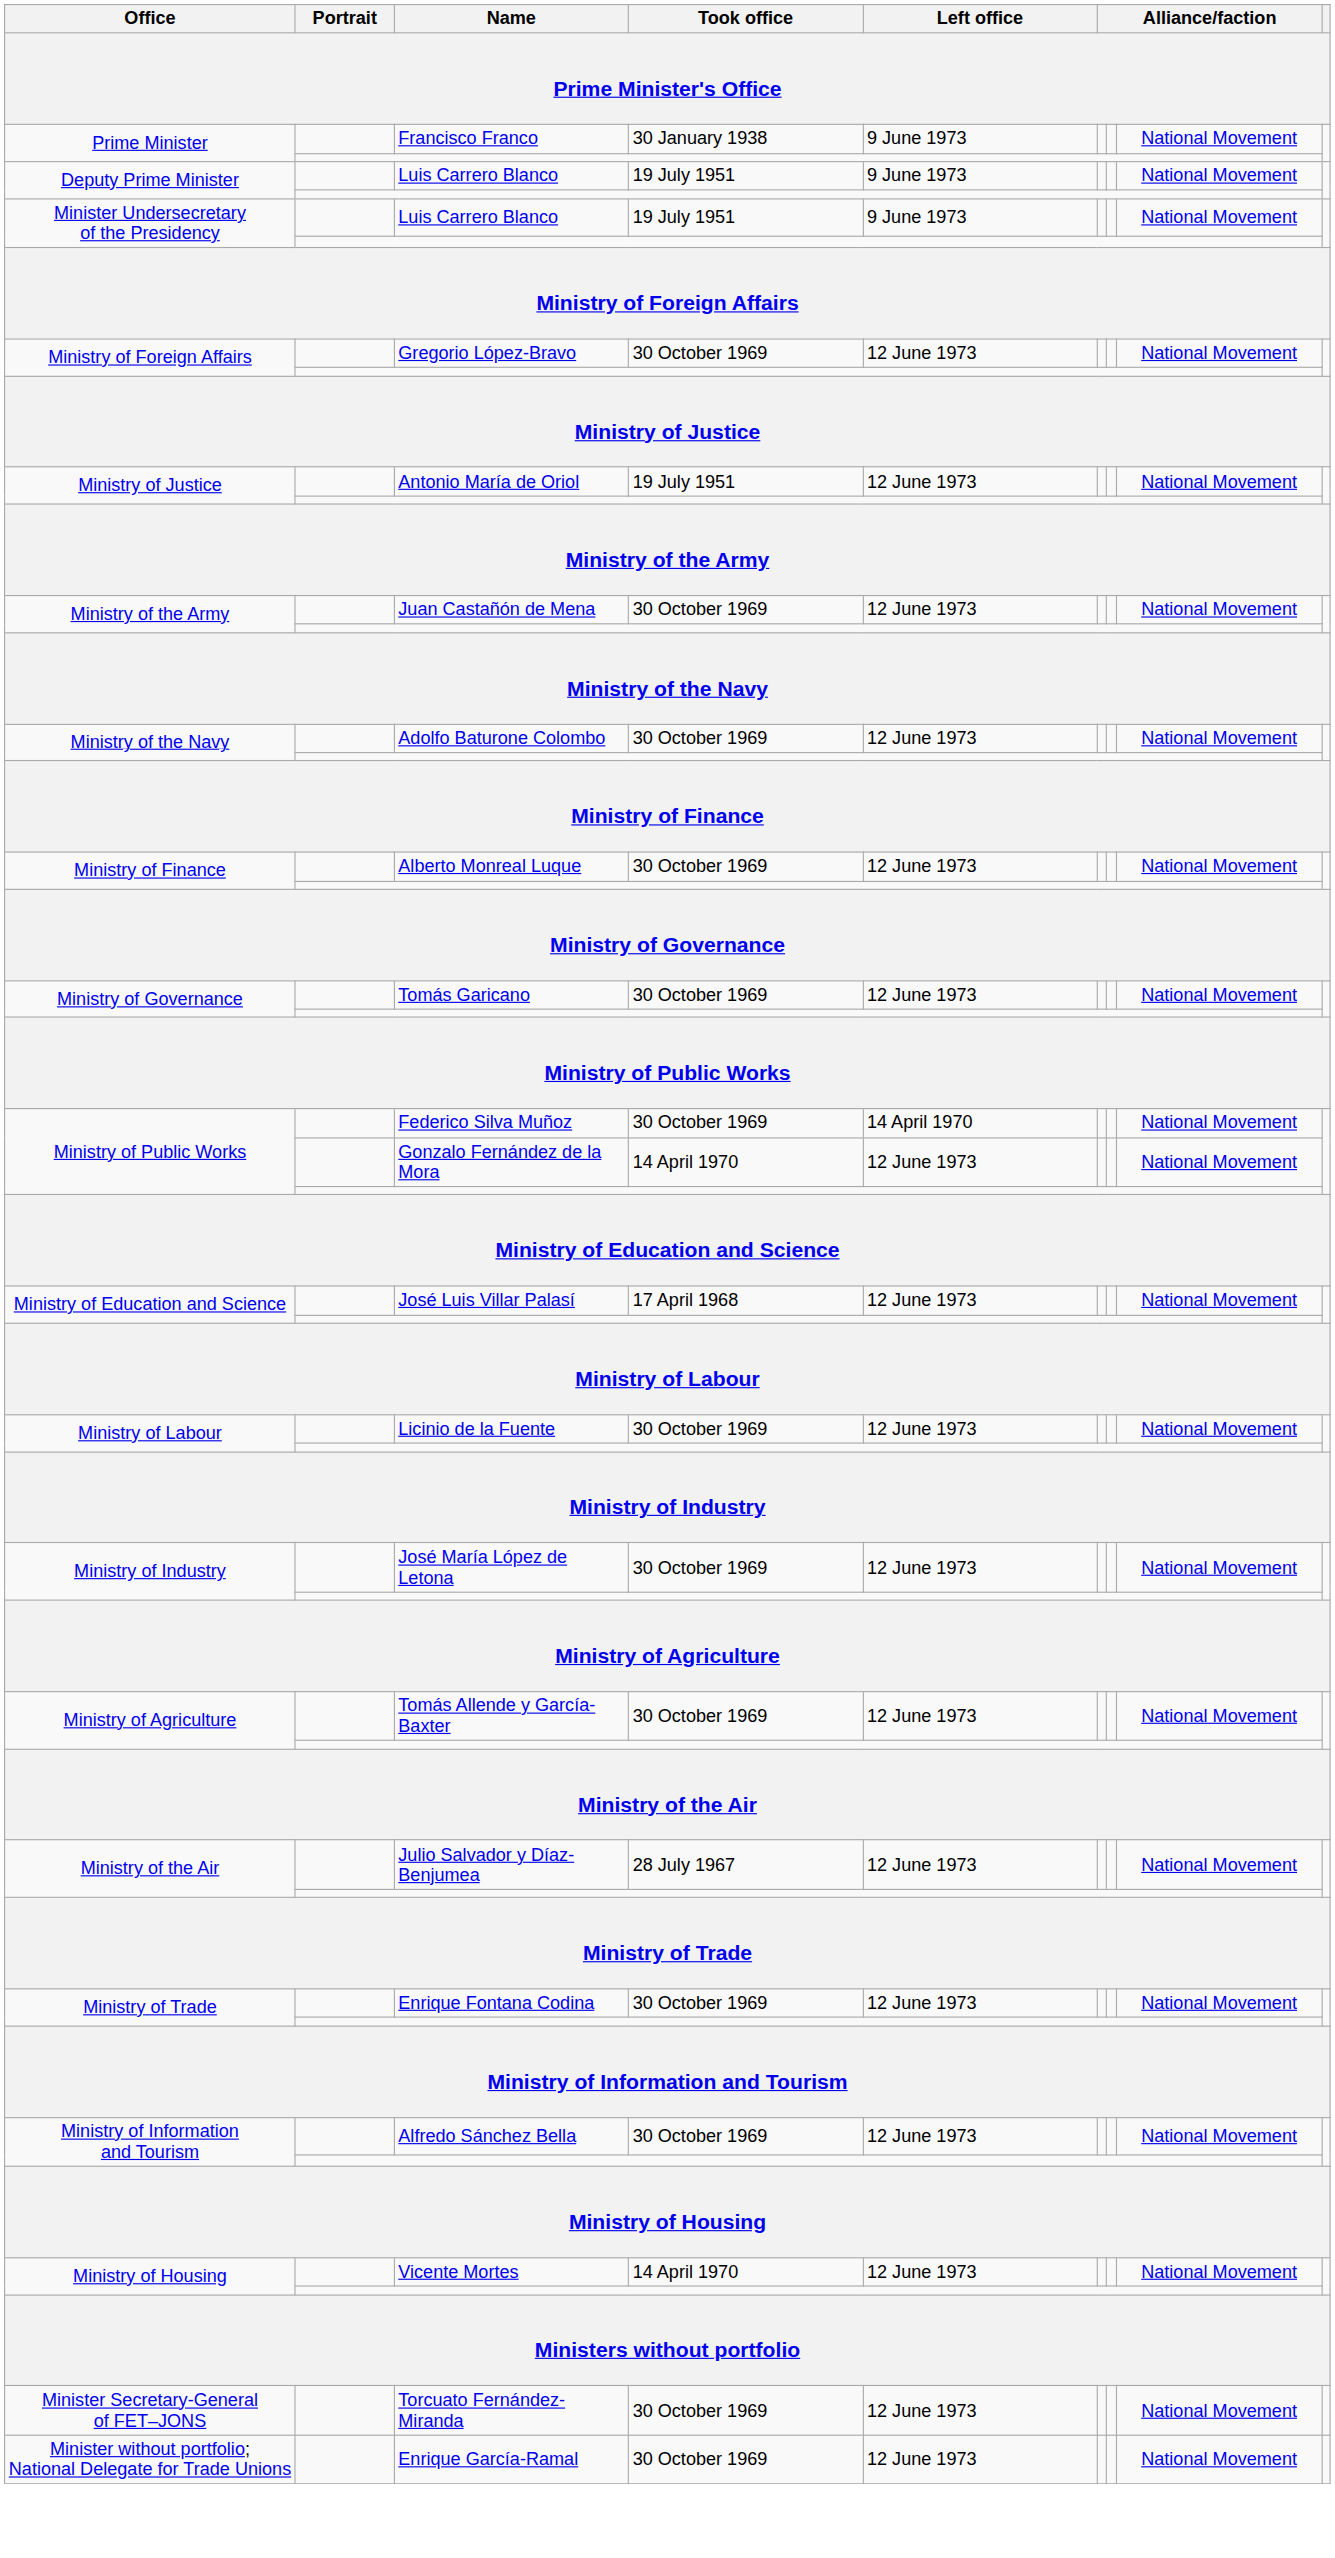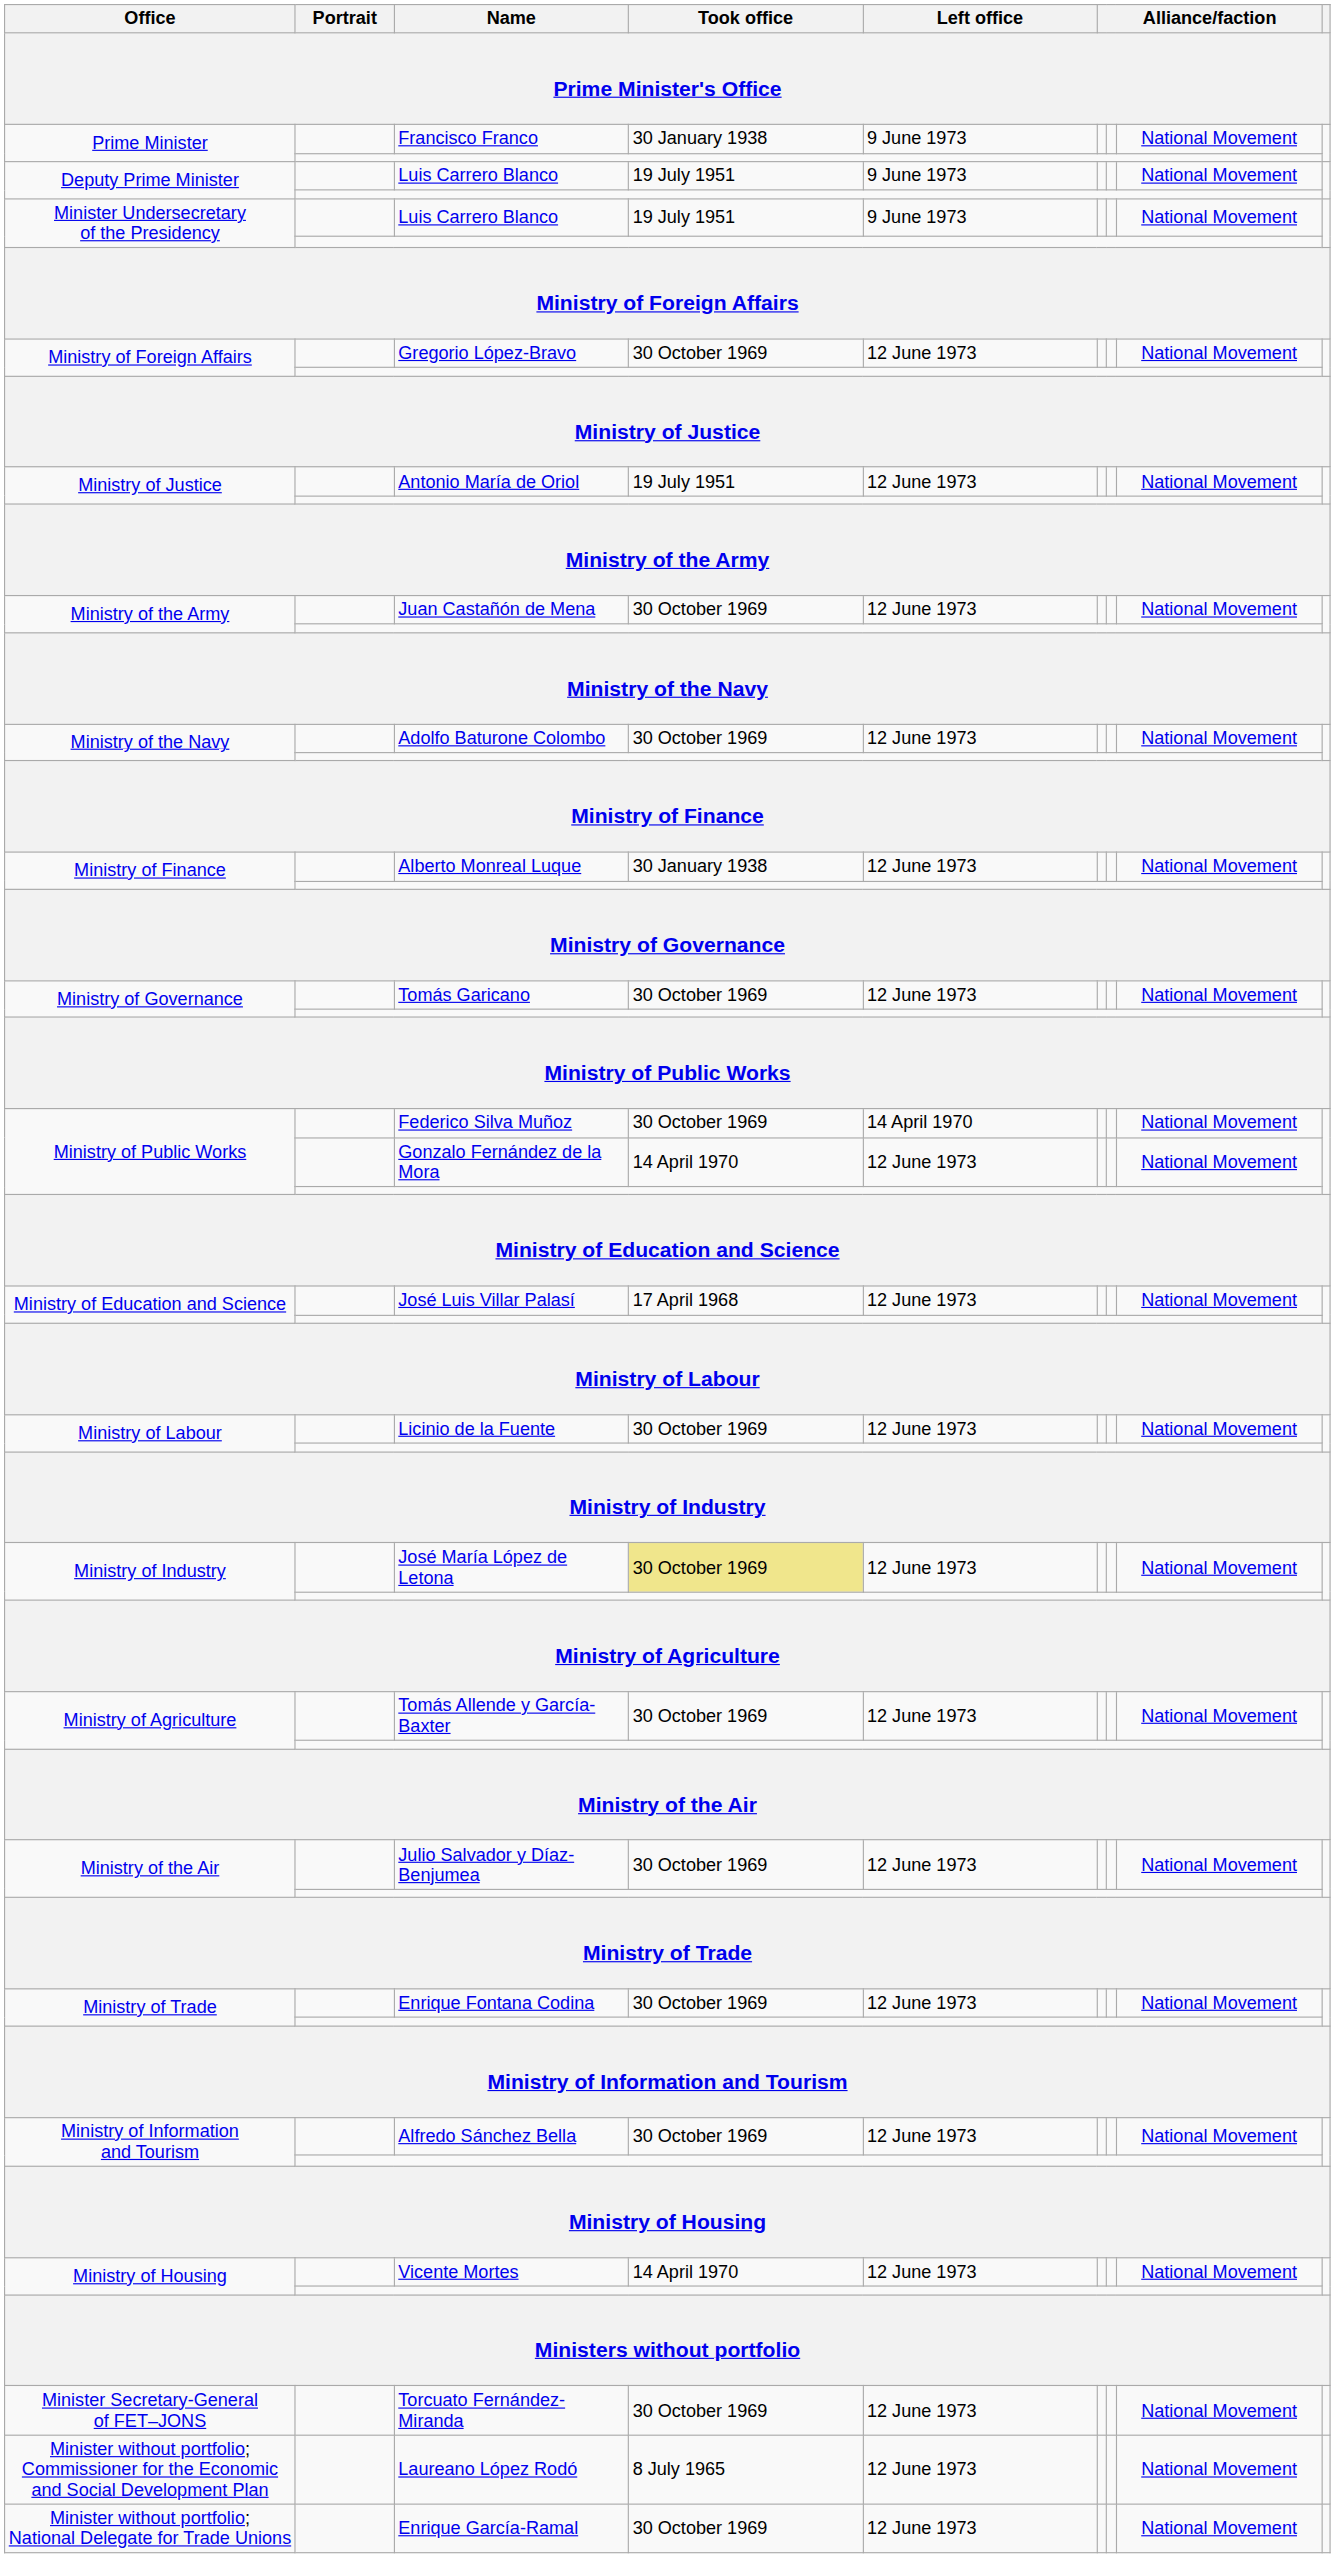 <table class="wikitable" style="line-height:18px;">
 <tr>
 <th scope="col">Office<br></th>
 <th scope="col">Portrait</th>
 <th scope="col">Name</th>
 <th scope="col">Took office</th>
 <th scope="col">Left office</th>
 <th colspan="3" scope="col">Alliance/faction</th>
 <th></th>
 </tr>
 <tr>
 <th colspan="9"><br><h3><a href='#'>Prime Minister's Office</a></h3></th>
 </tr>
 <tr>
 <td align="center" rowspan="2" width="250"><a href='#'>Prime Minister</a><br></td>
 <td width="80"></td>
 <td width="200"><a href='#'>Francisco Franco</a></td>
 <td width="200">30 January 1938</td>
 <td width="200">9 June 1973</td>
 <td width="1" style="background-color:"></td>
 <td width="1" style="background-color:"></td>
 <td width="175" align="center"><a href='#'>National Movement</a><br></td>
 <td align="center" rowspan="2"></td>
 </tr>
 <tr>
 <td colspan="7"></td>
 </tr>
 <tr>
 <td align="center" rowspan="2"><a href='#'>Deputy Prime Minister</a><br></td>
 <td></td>
 <td><a href='#'>Luis Carrero Blanco</a></td>
 <td>19 July 1951</td>
 <td>9 June 1973</td>
 <td style="background-color:"></td>
 <td style="background-color:"></td>
 <td align="center"><a href='#'>National Movement</a><br></td>
 <td align="center" rowspan="2"></td>
 </tr>
 <tr>
 <td colspan="7"></td>
 </tr>
 <tr>
 <td align="center" rowspan="2"><a href='#'>Minister Undersecretary<br>of the Presidency</a><br></td>
 <td></td>
 <td><a href='#'>Luis Carrero Blanco</a></td>
 <td>19 July 1951</td>
 <td>9 June 1973</td>
 <td style="background-color:"></td>
 <td style="background-color:"></td>
 <td align="center"><a href='#'>National Movement</a><br></td>
 <td align="center" rowspan="2"></td>
 </tr>
 <tr>
 <td colspan="7"></td>
 </tr>
 <tr>
 <th colspan="9"><br><h3><a href='#'>Ministry of Foreign Affairs</a></h3></th>
 </tr>
 <tr>
 <td align="center" rowspan="2"><a href='#'>Ministry of Foreign Affairs</a><br></td>
 <td></td>
 <td><a href='#'>Gregorio López-Bravo</a></td>
 <td>30 October 1969</td>
 <td>12 June 1973</td>
 <td style="background-color:"></td>
 <td style="background-color:"></td>
 <td align="center"><a href='#'>National Movement</a><br></td>
 <td align="center" rowspan="2"></td>
 </tr>
 <tr>
 <td colspan="7"></td>
 </tr>
 <tr>
 <th colspan="9"><br><h3><a href='#'>Ministry of Justice</a></h3></th>
 </tr>
 <tr>
 <td align="center" rowspan="2"><a href='#'>Ministry of Justice</a><br></td>
 <td></td>
 <td><a href='#'>Antonio María de Oriol</a></td>
 <td>19 July 1951</td>
 <td>12 June 1973</td>
 <td style="background-color:"></td>
 <td style="background-color:"></td>
 <td align="center"><a href='#'>National Movement</a><br></td>
 <td align="center" rowspan="2"></td>
 </tr>
 <tr>
 <td colspan="7"></td>
 </tr>
 <tr>
 <th colspan="9"><br><h3><a href='#'>Ministry of the Army</a></h3></th>
 </tr>
 <tr>
 <td align="center" rowspan="2"><a href='#'>Ministry of the Army</a><br></td>
 <td></td>
 <td><a href='#'>Juan Castañón de Mena</a></td>
 <td>30 October 1969</td>
 <td>12 June 1973</td>
 <td style="background-color:"></td>
 <td style="background-color:"></td>
 <td align="center"><a href='#'>National Movement</a><br></td>
 <td align="center" rowspan="2"></td>
 </tr>
 <tr>
 <td colspan="7"></td>
 </tr>
 <tr>
 <th colspan="9"><br><h3><a href='#'>Ministry of the Navy</a></h3></th>
 </tr>
 <tr>
 <td align="center" rowspan="2"><a href='#'>Ministry of the Navy</a><br></td>
 <td></td>
 <td><a href='#'>Adolfo Baturone Colombo</a></td>
 <td>30 October 1969</td>
 <td>12 June 1973</td>
 <td style="background-color:"></td>
 <td style="background-color:"></td>
 <td align="center"><a href='#'>National Movement</a><br></td>
 <td align="center" rowspan="2"></td>
 </tr>
 <tr>
 <td colspan="7"></td>
 </tr>
 <tr>
 <th colspan="9"><br><h3><a href='#'>Ministry of Finance</a></h3></th>
 </tr>
 <tr>
 <td align="center" rowspan="2"><a href='#'>Ministry of Finance</a><br></td>
 <td></td>
 <td><a href='#'>Alberto Monreal Luque</a></td>
-<td>30 October 1969</td>
+<td width="200">30 January 1938</td>
 <td>12 June 1973</td>
 <td style="background-color:"></td>
 <td style="background-color:"></td>
 <td align="center"><a href='#'>National Movement</a><br></td>
 <td align="center" rowspan="2"></td>
 </tr>
 <tr>
 <td colspan="7"></td>
 </tr>
 <tr>
 <th colspan="9"><br><h3><a href='#'>Ministry of Governance</a></h3></th>
 </tr>
 <tr>
 <td align="center" rowspan="2"><a href='#'>Ministry of Governance</a><br></td>
 <td></td>
 <td><a href='#'>Tomás Garicano</a></td>
 <td>30 October 1969</td>
 <td>12 June 1973</td>
 <td style="background-color:"></td>
 <td style="background-color:"></td>
 <td align="center"><a href='#'>National Movement</a><br></td>
 <td align="center" rowspan="2"></td>
 </tr>
 <tr>
 <td colspan="7"></td>
 </tr>
 <tr>
 <th colspan="9"><br><h3><a href='#'>Ministry of Public Works</a></h3></th>
 </tr>
 <tr>
 <td align="center" rowspan="3"><a href='#'>Ministry of Public Works</a><br></td>
 <td></td>
 <td><a href='#'>Federico Silva Muñoz</a></td>
 <td>30 October 1969</td>
 <td>14 April 1970</td>
 <td style="background-color:"></td>
 <td style="background-color:"></td>
 <td align="center"><a href='#'>National Movement</a><br></td>
 <td align="center" rowspan="3"></td>
 </tr>
 <tr>
 <td></td>
 <td><a href='#'>Gonzalo Fernández de la Mora</a></td>
 <td>14 April 1970</td>
 <td>12 June 1973</td>
 <td style="background-color:"></td>
 <td style="background-color:"></td>
 <td align="center"><a href='#'>National Movement</a><br></td>
 </tr>
 <tr>
 <td colspan="7"></td>
 </tr>
 <tr>
 <th colspan="9"><br><h3><a href='#'>Ministry of Education and Science</a></h3></th>
 </tr>
 <tr>
 <td align="center" rowspan="2"><a href='#'>Ministry of Education and Science</a><br></td>
 <td></td>
 <td><a href='#'>José Luis Villar Palasí</a></td>
 <td>17 April 1968</td>
 <td>12 June 1973</td>
 <td style="background-color:"></td>
 <td style="background-color:"></td>
 <td align="center"><a href='#'>National Movement</a><br></td>
 <td align="center" rowspan="2"></td>
 </tr>
 <tr>
 <td colspan="7"></td>
 </tr>
 <tr>
 <th colspan="9"><br><h3><a href='#'>Ministry of Labour</a></h3></th>
 </tr>
 <tr>
 <td align="center" rowspan="2"><a href='#'>Ministry of Labour</a><br></td>
 <td></td>
 <td><a href='#'>Licinio de la Fuente</a></td>
 <td>30 October 1969</td>
 <td>12 June 1973</td>
 <td style="background-color:"></td>
 <td style="background-color:"></td>
 <td align="center"><a href='#'>National Movement</a><br></td>
 <td align="center" rowspan="2"></td>
 </tr>
 <tr>
 <td colspan="7"></td>
 </tr>
 <tr>
 <th colspan="9"><br><h3><a href='#'>Ministry of Industry</a></h3></th>
 </tr>
 <tr>
 <td align="center" rowspan="2"><a href='#'>Ministry of Industry</a><br></td>
 <td></td>
 <td><a href='#'>José María López de Letona</a></td>
-<td>30 October 1969</td>
+<td style="background: khaki;">30 October 1969</td>
 <td>12 June 1973</td>
 <td style="background-color:"></td>
 <td style="background-color:"></td>
 <td align="center"><a href='#'>National Movement</a><br></td>
 <td align="center" rowspan="2"></td>
 </tr>
 <tr>
 <td colspan="7"></td>
 </tr>
 <tr>
 <th colspan="9"><br><h3><a href='#'>Ministry of Agriculture</a></h3></th>
 </tr>
 <tr>
 <td align="center" rowspan="2"><a href='#'>Ministry of Agriculture</a><br></td>
 <td></td>
 <td><a href='#'>Tomás Allende y García-Baxter</a></td>
 <td>30 October 1969</td>
 <td>12 June 1973</td>
 <td style="background-color:"></td>
 <td style="background-color:"></td>
 <td align="center"><a href='#'>National Movement</a><br></td>
 <td align="center" rowspan="2"></td>
 </tr>
 <tr>
 <td colspan="7"></td>
 </tr>
 <tr>
 <th colspan="9"><br><h3><a href='#'>Ministry of the Air</a></h3></th>
 </tr>
 <tr>
 <td align="center" rowspan="2"><a href='#'>Ministry of the Air</a><br></td>
 <td></td>
 <td><a href='#'>Julio Salvador y Díaz-Benjumea</a></td>
-<td>28 July 1967</td>
+<td>30 October 1969</td>
 <td>12 June 1973</td>
 <td style="background-color:"></td>
 <td style="background-color:"></td>
 <td align="center"><a href='#'>National Movement</a><br></td>
 <td align="center" rowspan="2"></td>
 </tr>
 <tr>
 <td colspan="7"></td>
 </tr>
 <tr>
 <th colspan="9"><br><h3><a href='#'>Ministry of Trade</a></h3></th>
 </tr>
 <tr>
 <td align="center" rowspan="2"><a href='#'>Ministry of Trade</a><br></td>
 <td></td>
 <td><a href='#'>Enrique Fontana Codina</a></td>
 <td>30 October 1969</td>
 <td>12 June 1973</td>
 <td style="background-color:"></td>
 <td style="background-color:"></td>
 <td align="center"><a href='#'>National Movement</a><br></td>
 <td align="center" rowspan="2"></td>
 </tr>
 <tr>
 <td colspan="7"></td>
 </tr>
 <tr>
 <th colspan="9"><br><h3><a href='#'>Ministry of Information and Tourism</a></h3></th>
 </tr>
 <tr>
 <td align="center" rowspan="2"><a href='#'>Ministry of Information<br>and Tourism</a><br></td>
 <td></td>
 <td><a href='#'>Alfredo Sánchez Bella</a></td>
 <td>30 October 1969</td>
 <td>12 June 1973</td>
 <td style="background-color:"></td>
 <td style="background-color:"></td>
 <td align="center"><a href='#'>National Movement</a><br></td>
 <td align="center" rowspan="2"></td>
 </tr>
 <tr>
 <td colspan="7"></td>
 </tr>
 <tr>
 <th colspan="9"><br><h3><a href='#'>Ministry of Housing</a></h3></th>
 </tr>
 <tr>
 <td align="center" rowspan="2"><a href='#'>Ministry of Housing</a><br></td>
 <td></td>
 <td><a href='#'>Vicente Mortes</a></td>
 <td>14 April 1970</td>
 <td>12 June 1973</td>
 <td style="background-color:"></td>
 <td style="background-color:"></td>
 <td align="center"><a href='#'>National Movement</a><br></td>
 <td align="center" rowspan="2"></td>
 </tr>
 <tr>
 <td colspan="7"></td>
 </tr>
 <tr>
 <th colspan="9"><br><h3><a href='#'>Ministers without portfolio</a></h3></th>
 </tr>
 <tr>
 <td align="center"><a href='#'>Minister Secretary-General<br>of FET–JONS</a><br></td>
 <td></td>
 <td><a href='#'>Torcuato Fernández-Miranda</a></td>
 <td>30 October 1969</td>
 <td>12 June 1973</td>
 <td style="background-color:"></td>
 <td style="background-color:"></td>
 <td align="center"><a href='#'>National Movement</a><br></td>
 <td align="center"></td>
 </tr>
 <tr>
+<td align="center"><a href='#'>Minister without portfolio</a>;<br><a href='#'>Commissioner for the Economic<br>and Social Development Plan</a><br></td>
+<td></td>
+<td><a href='#'>Laureano López Rodó</a></td>
+<td>8 July 1965</td>
+<td>12 June 1973</td>
+<td style="background-color:"></td>
+<td style="background-color:"></td>
+<td align="center"><a href='#'>National Movement</a><br></td>
+<td align="center"></td>
+</tr>
+<tr>
 <td align="center"><a href='#'>Minister without portfolio</a>;<br><a href='#'>National Delegate for Trade Unions</a><br></td>
 <td></td>
 <td><a href='#'>Enrique García-Ramal</a></td>
 <td>30 October 1969</td>
 <td>12 June 1973</td>
 <td style="background-color:"></td>
 <td style="background-color:"></td>
 <td align="center"><a href='#'>National Movement</a><br></td>
 <td align="center"></td>
 </tr>
 </table>
